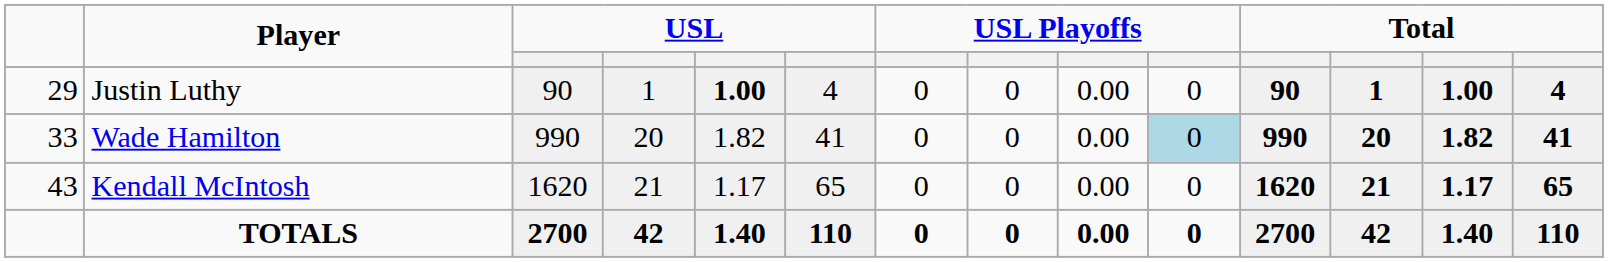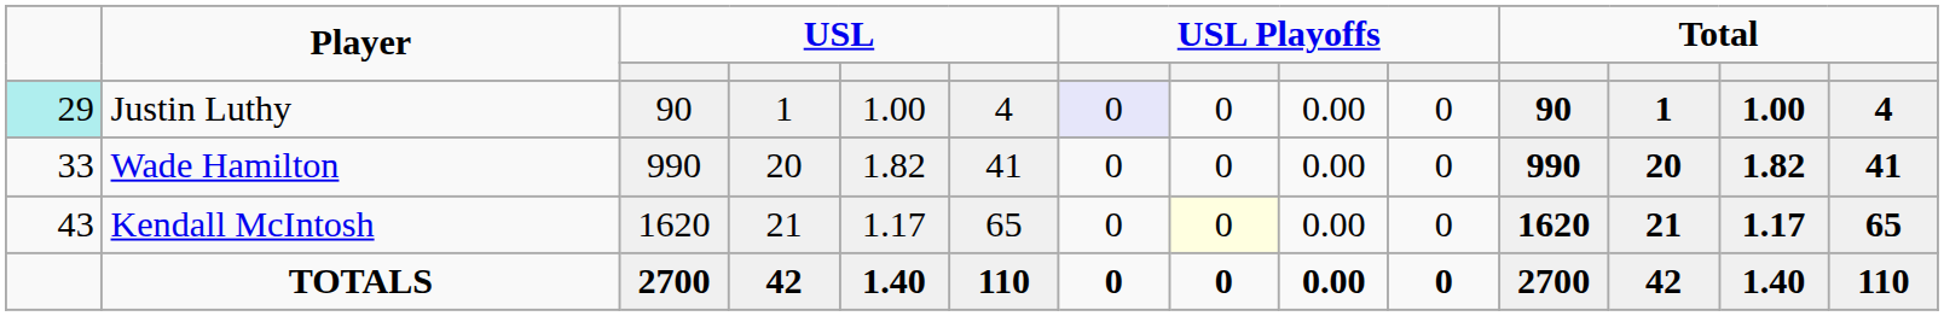 <table class="wikitable" style="text-align:center;">
 <tr>
 <td rowspan="2" style="width:35px; text-align:center;"><strong></strong></td>
 <td rowspan="2" style="width:220px; text-align:center;"><strong>Player</strong></td>
 <td colspan="4" style="text-align:center;"><strong><a href='#'>USL</a></strong></td>
 <td colspan="4" style="text-align:center;"><strong><a href='#'>USL Playoffs</a></strong></td>
 <td colspan="4" style="text-align:center;"><strong>Total</strong></td>
 </tr>
 <tr>
 <th width=41></th>
 <th width=41></th>
 <th width=41></th>
 <th width=41></th>
 <th width=41></th>
 <th width=41></th>
 <th width=41></th>
 <th width=41></th>
 <th width=41></th>
 <th width=41></th>
 <th width=41></th>
 <th width=41></th>
 </tr>
 <tr>
-<td style="text-align: right;">29</td>
+<td style="background: paleturquoise; text-align: right;">29</td>
 <td style="text-align: left;"> Justin Luthy</td>
 <td style="background: #F0F0F0;">90</td>
 <td style="background: #F0F0F0;">1</td>
-<td style="background: #F0F0F0;"><strong>1.00</strong></td>
+<td style="background: #F0F0F0;">1.00</td>
 <td style="background: #F0F0F0;">4</td>
-<td>0</td>
+<td style="background: lavender;">0</td>
 <td>0</td>
 <td>0.00</td>
 <td>0</td>
 <td style="background: #F0F0F0;"><strong>90</strong></td>
 <td style="background: #F0F0F0;"><strong>1</strong></td>
 <td style="background: #F0F0F0;"><strong>1.00</strong></td>
 <td style="background: #F0F0F0;"><strong>4</strong></td>
 </tr>
 <tr>
 <td style="text-align: right;">33</td>
 <td style="text-align: left;"> <a href='#'>Wade Hamilton</a></td>
 <td style="background: #F0F0F0;">990</td>
 <td style="background: #F0F0F0;">20</td>
 <td style="background: #F0F0F0;">1.82</td>
 <td style="background: #F0F0F0;">41</td>
 <td>0</td>
 <td>0</td>
 <td>0.00</td>
-<td style="background: lightblue;">0</td>
+<td>0</td>
 <td style="background: #F0F0F0;"><strong>990</strong></td>
 <td style="background: #F0F0F0;"><strong>20</strong></td>
 <td style="background: #F0F0F0;"><strong>1.82</strong></td>
 <td style="background: #F0F0F0;"><strong>41</strong></td>
 </tr>
 <tr>
 <td style="text-align: right;">43</td>
 <td style="text-align: left;"> <a href='#'>Kendall McIntosh</a></td>
 <td style="background: #F0F0F0;">1620</td>
 <td style="background: #F0F0F0;">21</td>
 <td style="background: #F0F0F0;">1.17</td>
 <td style="background: #F0F0F0;">65</td>
 <td>0</td>
-<td>0</td>
+<td style="background: lightyellow;">0</td>
 <td>0.00</td>
 <td>0</td>
 <td style="background: #F0F0F0;"><strong>1620</strong></td>
 <td style="background: #F0F0F0;"><strong>21</strong></td>
 <td style="background: #F0F0F0;"><strong>1.17</strong></td>
 <td style="background: #F0F0F0;"><strong>65</strong></td>
 </tr>
 <tr>
 <td></td>
 <td><strong>TOTALS</strong></td>
 <td style="background: #F0F0F0;"><strong>2700</strong></td>
 <td style="background: #F0F0F0;"><strong>42</strong></td>
 <td style="background: #F0F0F0;"><strong>1.40</strong></td>
 <td style="background: #F0F0F0;"><strong>110</strong></td>
 <td><strong>0</strong></td>
 <td><strong>0</strong></td>
 <td><strong>0.00</strong></td>
 <td><strong>0</strong></td>
 <td style="background: #F0F0F0;"><strong>2700</strong></td>
 <td style="background: #F0F0F0;"><strong>42</strong></td>
 <td style="background: #F0F0F0;"><strong>1.40</strong></td>
 <td style="background: #F0F0F0;"><strong>110</strong></td>
 </tr>
 </table>
